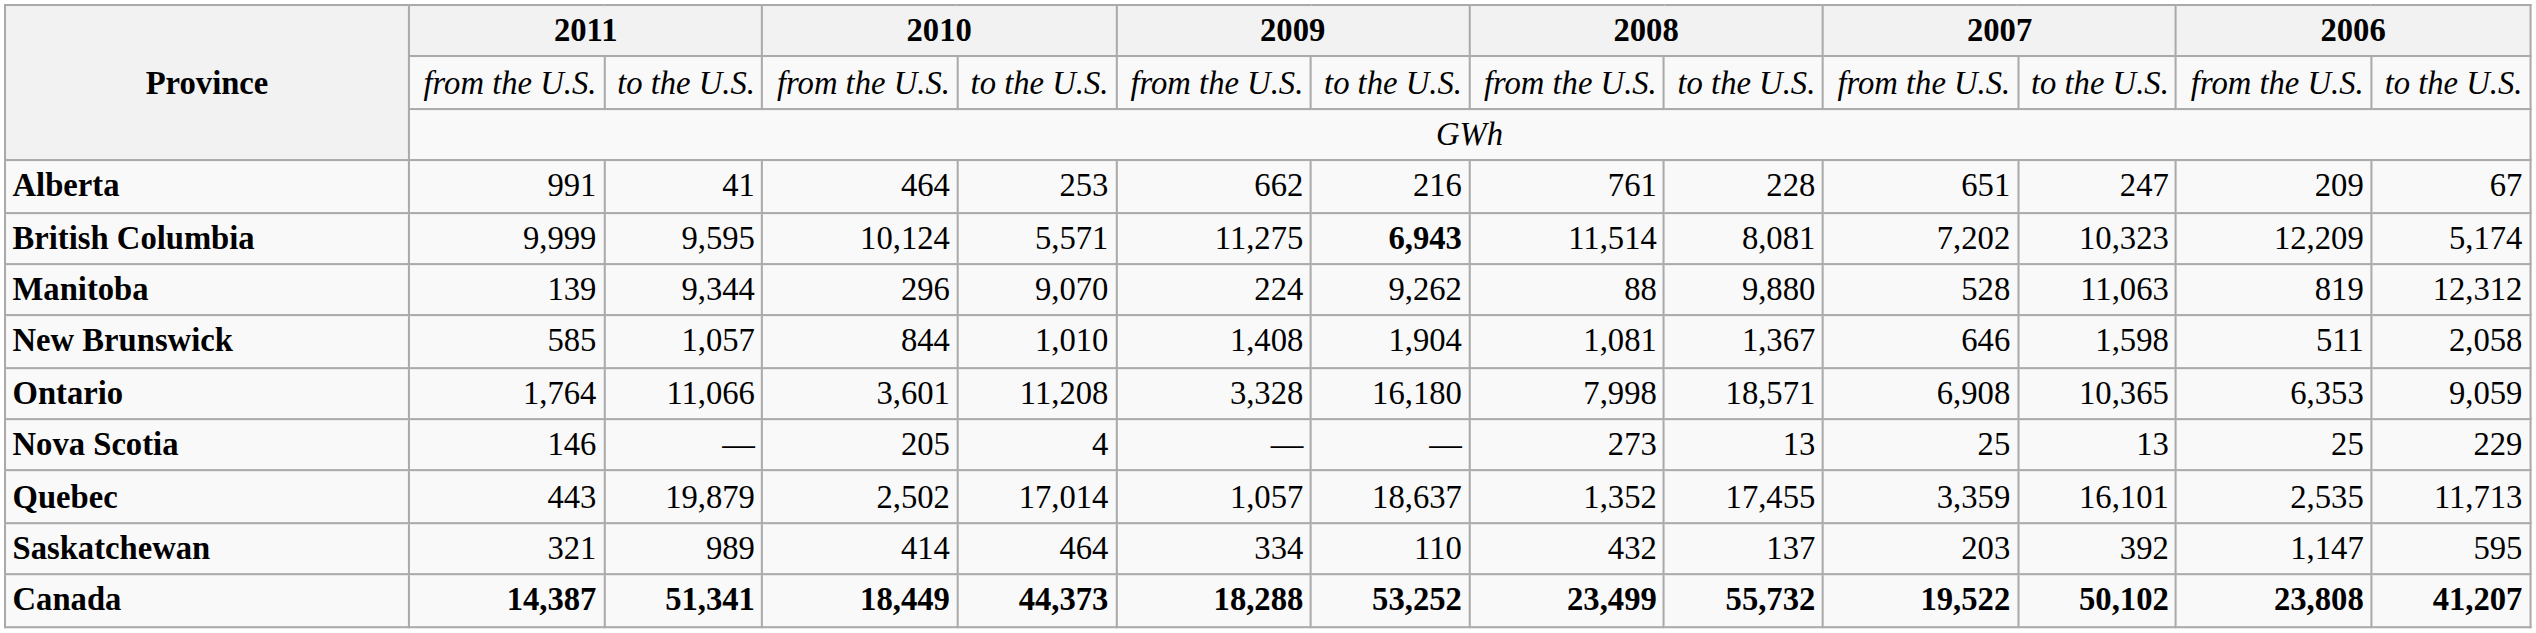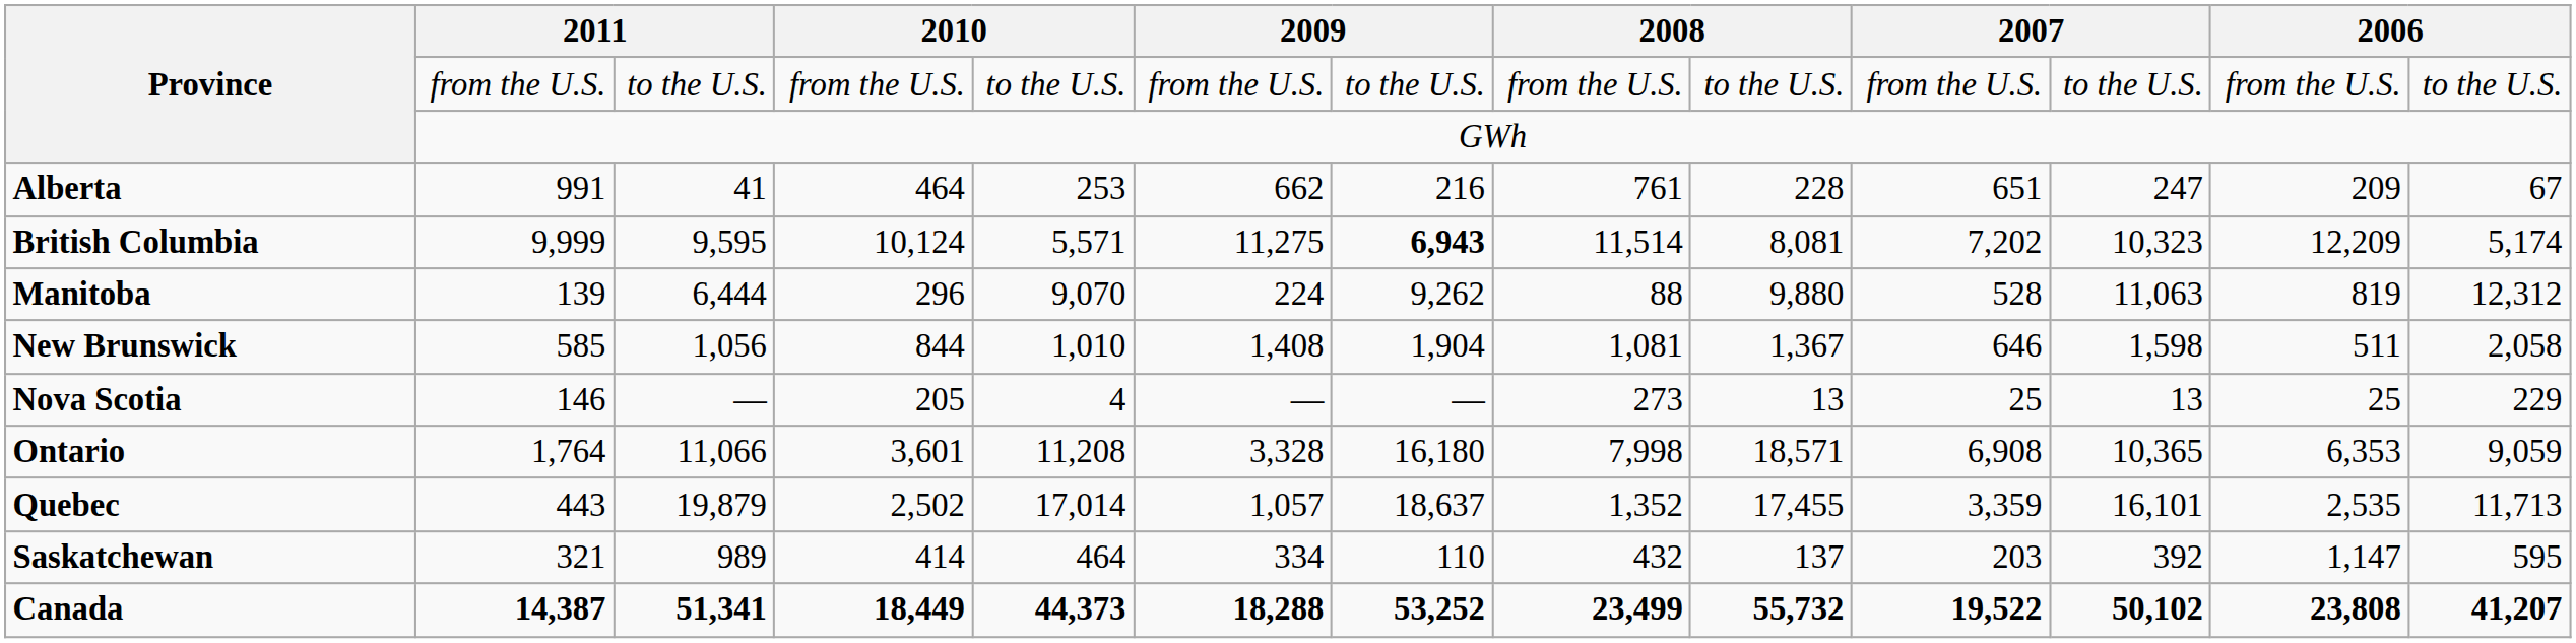 <table class="wikitable" style="text-align:right; width:98%;">
 <tr>
 <th width="16%" rowspan="3">Province</th>
 <th width="14%" colspan="2">2011</th>
 <th width="14%" colspan="2">2010</th>
 <th width="14%" colspan="2">2009</th>
 <th width="14%" colspan="2">2008</th>
 <th width="14%" colspan="2">2007</th>
 <th width="14%" colspan="2">2006</th>
 </tr>
 <tr class="unsortable" style="align:center">
 <td><em>from the U.S.</em></td>
 <td><em>to the U.S.</em></td>
 <td><em>from the U.S.</em></td>
 <td><em>to the U.S.</em></td>
 <td><em>from the U.S.</em></td>
 <td><em>to the U.S.</em></td>
 <td><em>from the U.S.</em></td>
 <td><em>to the U.S.</em></td>
 <td><em>from the U.S.</em></td>
 <td><em>to the U.S.</em></td>
 <td><em>from the U.S.</em></td>
 <td><em>to the U.S.</em></td>
 </tr>
 <tr class="unsortable">
 <td colspan=12 align="center"><em>GWh</em></td>
 </tr>
 <tr>
 <td style="text-align:left;font-weight:bold">Alberta</td>
 <td>991</td>
 <td>41</td>
 <td>464</td>
 <td>253</td>
 <td>662</td>
 <td>216</td>
 <td>761</td>
 <td>228</td>
 <td>651</td>
 <td>247</td>
 <td>209</td>
 <td>67</td>
 </tr>
 <tr>
 <td style="text-align:left;font-weight:bold">British Columbia</td>
 <td>9,999</td>
 <td>9,595</td>
 <td>10,124</td>
 <td>5,571</td>
 <td>11,275</td>
 <td><strong>6,943</strong></td>
 <td>11,514</td>
 <td>8,081</td>
 <td>7,202</td>
 <td>10,323</td>
 <td>12,209</td>
 <td>5,174</td>
 </tr>
 <tr>
 <td style="text-align:left;font-weight:bold">Manitoba</td>
 <td>139</td>
-<td>9,344</td>
+<td>6,444</td>
 <td>296</td>
 <td>9,070</td>
 <td>224</td>
 <td>9,262</td>
 <td>88</td>
 <td>9,880</td>
 <td>528</td>
 <td>11,063</td>
 <td>819</td>
 <td>12,312</td>
 </tr>
 <tr>
 <td style="text-align:left;font-weight:bold">New Brunswick</td>
 <td>585</td>
-<td>1,057</td>
+<td>1,056</td>
 <td>844</td>
 <td>1,010</td>
 <td>1,408</td>
 <td>1,904</td>
 <td>1,081</td>
 <td>1,367</td>
 <td>646</td>
 <td>1,598</td>
 <td>511</td>
 <td>2,058</td>
+</tr>
+<tr>
+<td style="text-align:left;font-weight:bold">Nova Scotia</td>
+<td>146</td>
+<td>—</td>
+<td>205</td>
+<td>4</td>
+<td>—</td>
+<td>—</td>
+<td>273</td>
+<td>13</td>
+<td>25</td>
+<td>13</td>
+<td>25</td>
+<td>229</td>
 </tr>
 <tr>
 <td style="text-align:left;font-weight:bold">Ontario</td>
 <td>1,764</td>
 <td>11,066</td>
 <td>3,601</td>
 <td>11,208</td>
 <td>3,328</td>
 <td>16,180</td>
 <td>7,998</td>
 <td>18,571</td>
 <td>6,908</td>
 <td>10,365</td>
 <td>6,353</td>
 <td>9,059</td>
-</tr>
-<tr>
-<td style="text-align:left;font-weight:bold">Nova Scotia</td>
-<td>146</td>
-<td>—</td>
-<td>205</td>
-<td>4</td>
-<td>—</td>
-<td>—</td>
-<td>273</td>
-<td>13</td>
-<td>25</td>
-<td>13</td>
-<td>25</td>
-<td>229</td>
 </tr>
 <tr>
 <td style="text-align:left;font-weight:bold">Quebec</td>
 <td>443</td>
 <td>19,879</td>
 <td>2,502</td>
 <td>17,014</td>
 <td>1,057</td>
 <td>18,637</td>
 <td>1,352</td>
 <td>17,455</td>
 <td>3,359</td>
 <td>16,101</td>
 <td>2,535</td>
 <td>11,713</td>
 </tr>
 <tr>
 <td style="text-align:left;font-weight:bold">Saskatchewan</td>
 <td>321</td>
 <td>989</td>
 <td>414</td>
 <td>464</td>
 <td>334</td>
 <td>110</td>
 <td>432</td>
 <td>137</td>
 <td>203</td>
 <td>392</td>
 <td>1,147</td>
 <td>595</td>
 </tr>
 <tr class="unsortable" style="font-weight:bold">
 <td style="text-align:left">Canada</td>
 <td>14,387</td>
 <td>51,341</td>
 <td>18,449</td>
 <td>44,373</td>
 <td>18,288</td>
 <td>53,252</td>
 <td>23,499</td>
 <td>55,732</td>
 <td>19,522</td>
 <td>50,102</td>
 <td>23,808</td>
 <td>41,207</td>
 </tr>
 </table>
